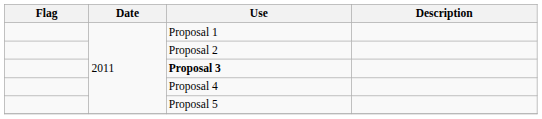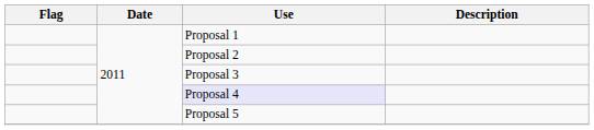 <table class="wikitable">
 <tr>
 <th width="110">Flag</th>
 <th width="100">Date</th>
 <th width="250">Use</th>
 <th width="250">Description</th>
 </tr>
 <tr>
 <td></td>
 <td rowspan="5">2011</td>
 <td>Proposal 1</td>
 <td></td>
 </tr>
 <tr>
 <td></td>
 <td>Proposal 2</td>
 <td></td>
 </tr>
 <tr>
 <td></td>
-<td><strong>Proposal 3</strong></td>
+<td>Proposal 3</td>
 <td></td>
 </tr>
 <tr>
 <td></td>
-<td>Proposal 4</td>
+<td style="background: lavender;">Proposal 4</td>
 <td></td>
 </tr>
 <tr>
 <td></td>
 <td>Proposal 5</td>
 <td></td>
 </tr>
 <tr>
 </tr>
 </table>
